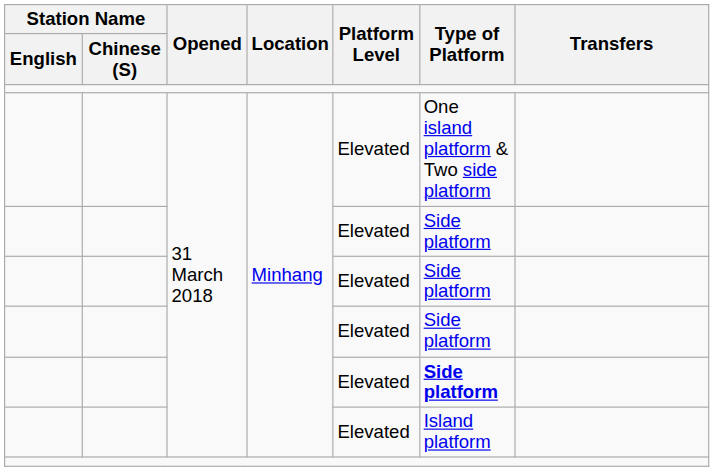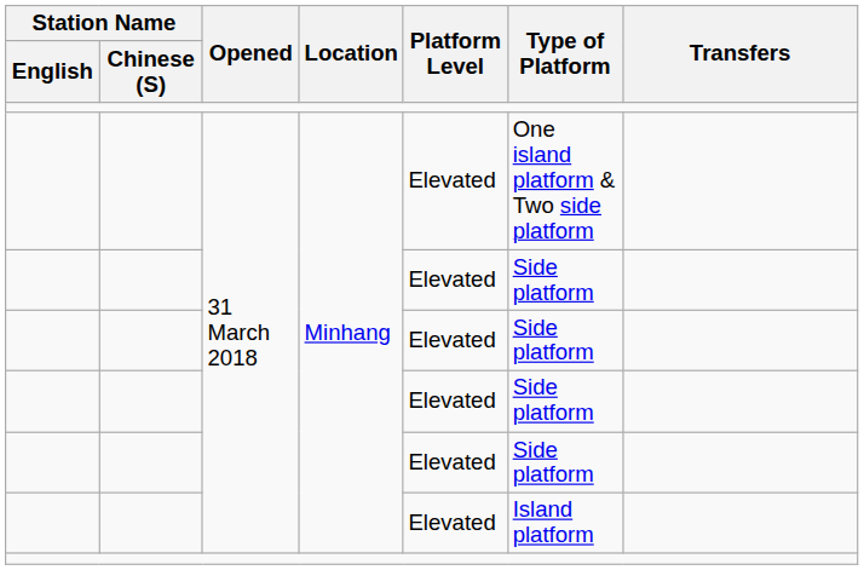 <table class=wikitable>
 <tr>
 <th colspan=2 width=250pt style="text-align:center;">Station Name</th>
 <th rowspan=2>Opened</th>
 <th rowspan=2 style="text-align:center;">Location</th>
 <th rowspan=2>Platform Level</th>
 <th rowspan=2>Type of Platform</th>
 <th rowspan=2 width=160pt style="text-align:center;">Transfers</th>
 </tr>
 <tr>
 <th>English</th>
 <th>Chinese (S)</th>
 </tr>
 <tr style=background:#>
 <td colspan=7></td>
 </tr>
 <tr>
 <td></td>
 <td><span></span></td>
 <td rowspan=6>31 March 2018</td>
 <td rowspan=6><a href='#'>Minhang</a></td>
 <td>Elevated</td>
 <td>One <a href='#'>island platform</a> & Two <a href='#'>side platform</a></td>
 <td></td>
 </tr>
 <tr>
 <td></td>
 <td><span></span></td>
 <td>Elevated</td>
 <td><a href='#'>Side platform</a></td>
 <td></td>
 </tr>
 <tr>
 <td></td>
 <td><span></span></td>
 <td>Elevated</td>
 <td><a href='#'>Side platform</a></td>
 <td></td>
 </tr>
 <tr>
 <td></td>
 <td><span></span></td>
 <td>Elevated</td>
 <td><a href='#'>Side platform</a></td>
 <td></td>
 </tr>
 <tr>
 <td></td>
 <td><span></span></td>
 <td>Elevated</td>
-<td><strong><a href='#'>Side platform</a></strong></td>
+<td><a href='#'>Side platform</a></td>
 <td></td>
 </tr>
 <tr>
 <td></td>
 <td><span></span></td>
 <td>Elevated</td>
 <td><a href='#'>Island platform</a></td>
 <td></td>
 </tr>
 <tr style=background:#>
 <td colspan=7></td>
 </tr>
 </table>
